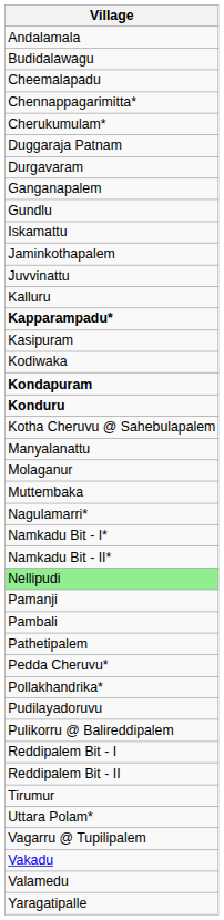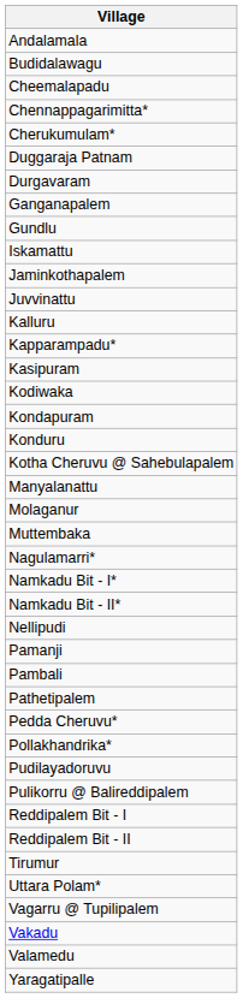 <table class="wikitable sortable static-row-numbers static-row-header-hash">
 <tr>
 <th>Village</th>
 </tr>
 <tr>
 <td>Andalamala</td>
 </tr>
 <tr>
 <td>Budidalawagu</td>
 </tr>
 <tr>
 <td>Cheemalapadu</td>
 </tr>
 <tr>
 <td>Chennappagarimitta*</td>
 </tr>
 <tr>
 <td>Cherukumulam*</td>
 </tr>
 <tr>
 <td>Duggaraja Patnam</td>
 </tr>
 <tr>
 <td>Durgavaram</td>
 </tr>
 <tr>
 <td>Ganganapalem</td>
 </tr>
 <tr>
 <td>Gundlu</td>
 </tr>
 <tr>
 <td>Iskamattu</td>
 </tr>
 <tr>
 <td>Jaminkothapalem</td>
 </tr>
 <tr>
 <td>Juvvinattu</td>
 </tr>
 <tr>
 <td>Kalluru</td>
 </tr>
 <tr>
-<td><strong>Kapparampadu*</strong></td>
+<td>Kapparampadu*</td>
 </tr>
 <tr>
 <td>Kasipuram</td>
 </tr>
 <tr>
 <td>Kodiwaka</td>
 </tr>
 <tr>
-<td><strong>Kondapuram</strong></td>
+<td>Kondapuram</td>
 </tr>
 <tr>
-<td><strong>Konduru</strong></td>
+<td>Konduru</td>
 </tr>
 <tr>
 <td>Kotha Cheruvu @ Sahebulapalem</td>
 </tr>
 <tr>
 <td>Manyalanattu</td>
 </tr>
 <tr>
 <td>Molaganur</td>
 </tr>
 <tr>
 <td>Muttembaka</td>
 </tr>
 <tr>
 <td>Nagulamarri*</td>
 </tr>
 <tr>
 <td>Namkadu Bit - I*</td>
 </tr>
 <tr>
 <td>Namkadu Bit - II*</td>
 </tr>
 <tr>
-<td style="background: lightgreen;">Nellipudi</td>
+<td>Nellipudi</td>
 </tr>
 <tr>
 <td>Pamanji</td>
 </tr>
 <tr>
 <td>Pambali</td>
 </tr>
 <tr>
 <td>Pathetipalem</td>
 </tr>
 <tr>
 <td>Pedda Cheruvu*</td>
 </tr>
 <tr>
 <td>Pollakhandrika*</td>
 </tr>
 <tr>
 <td>Pudilayadoruvu</td>
 </tr>
 <tr>
 <td>Pulikorru @ Balireddipalem</td>
 </tr>
 <tr>
 <td>Reddipalem Bit - I</td>
 </tr>
 <tr>
 <td>Reddipalem Bit - II</td>
 </tr>
 <tr>
 <td>Tirumur</td>
 </tr>
 <tr>
 <td>Uttara Polam*</td>
 </tr>
 <tr>
 <td>Vagarru @ Tupilipalem</td>
 </tr>
 <tr>
 <td><a href='#'>Vakadu</a></td>
 </tr>
 <tr>
 <td>Valamedu</td>
 </tr>
 <tr>
 <td>Yaragatipalle</td>
 </tr>
 </table>
